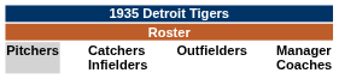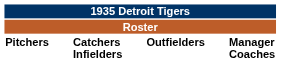 <table class="toccolours" style="font-size: 95%;">
 <tr>
 <th colspan="10" style="background-color: #003366; color: white; text-align: center;">1935 Detroit Tigers</th>
 </tr>
 <tr>
 <td colspan="10" style="background-color: #bd5d29; color: white; text-align: center;"><strong>Roster</strong></td>
 </tr>
 <tr>
-<td valign="top" style="background: lightgrey;"><strong>Pitchers</strong><br>          </td>
+<td valign="top"><strong>Pitchers</strong><br>          </td>
 <td width="25px"></td>
 <td valign="top"><strong>Catchers</strong><br>   <strong>Infielders</strong>      </td>
 <td width="25px"></td>
 <td valign="top"><strong>Outfielders</strong><br>      </td>
 <td width="25px"></td>
 <td valign="top"><strong>Manager</strong><br> <strong>Coaches</strong>  </td>
 </tr>
 </table>
